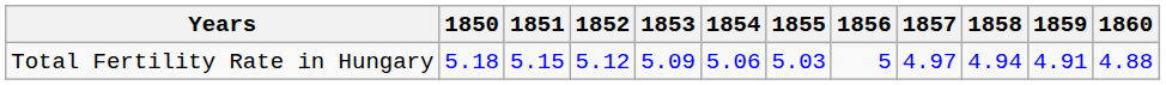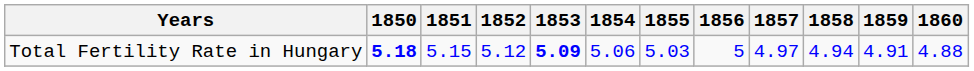 <table class="wikitable " style="text-align:right">
 <tr>
 <th>Years</th>
 <th>1850</th>
 <th>1851</th>
 <th>1852</th>
 <th>1853</th>
 <th>1854</th>
 <th>1855</th>
 <th>1856</th>
 <th>1857</th>
 <th>1858</th>
 <th>1859</th>
 <th>1860</th>
 </tr>
 <tr>
 <td align="left">Total Fertility Rate in Hungary</td>
-<td style="text-align:right; color:blue;">5.18</td>
+<td style="text-align:right; color:blue;"><strong>5.18</strong></td>
 <td style="text-align:right; color:blue;">5.15</td>
 <td style="text-align:right; color:blue;">5.12</td>
-<td style="text-align:right; color:blue;">5.09</td>
+<td style="text-align:right; color:blue;"><strong>5.09</strong></td>
 <td style="text-align:right; color:blue;">5.06</td>
 <td style="text-align:right; color:blue;">5.03</td>
 <td style="text-align:right; color:blue;">5</td>
 <td style="text-align:right; color:blue;">4.97</td>
 <td style="text-align:right; color:blue;">4.94</td>
 <td style="text-align:right; color:blue;">4.91</td>
 <td style="text-align:right; color:blue;">4.88</td>
 </tr>
 </table>
